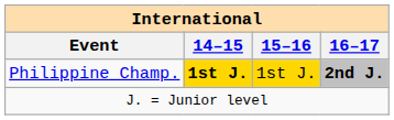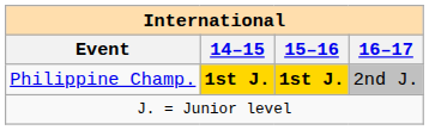 <table class="wikitable" style="text-align:center">
 <tr>
 <th style="background-color: #ffdead; " colspan=4 align=center>International</th>
 </tr>
 <tr>
 <th>Event</th>
 <th><a href='#'>14–15</a></th>
 <th><a href='#'>15–16</a></th>
 <th><a href='#'>16–17</a></th>
 </tr>
 <tr>
 <td align=left><a href='#'>Philippine Champ.</a></td>
 <td bgcolor=gold><strong>1st J.</strong></td>
-<td bgcolor=gold>1st J.</td>
-<td bgcolor=silver><strong>2nd J.</strong></td>
+<td bgcolor=gold><strong>1st J.</strong></td>
+<td bgcolor=silver>2nd J.</td>
 </tr>
 <tr>
 <td colspan=4 align=center><small> J. = Junior level</small></td>
 </tr>
 </table>
